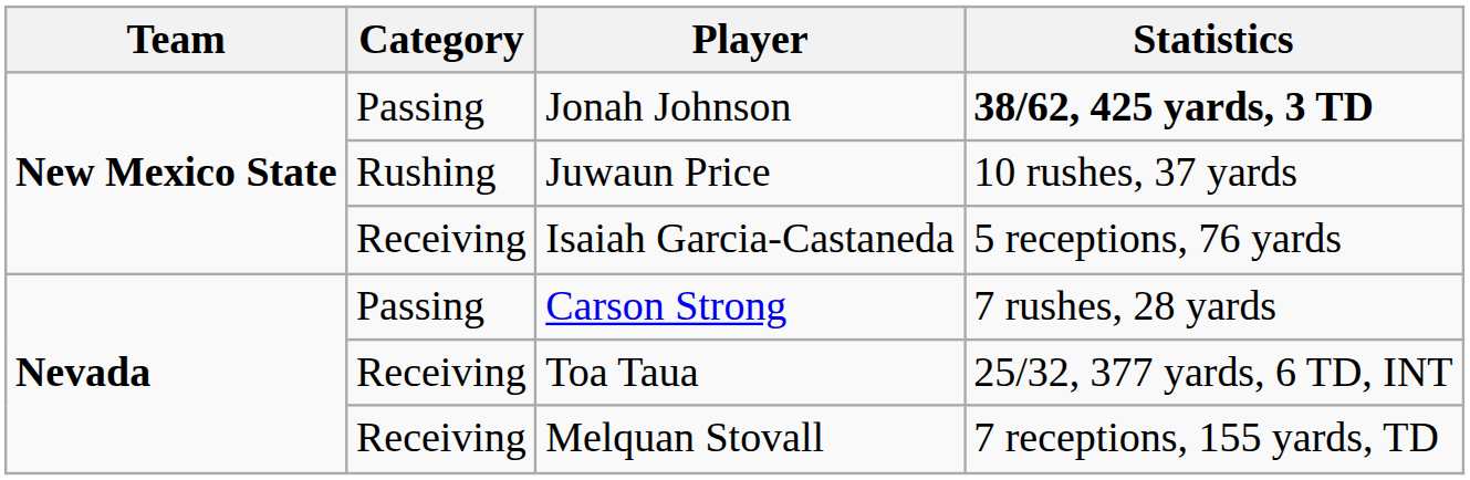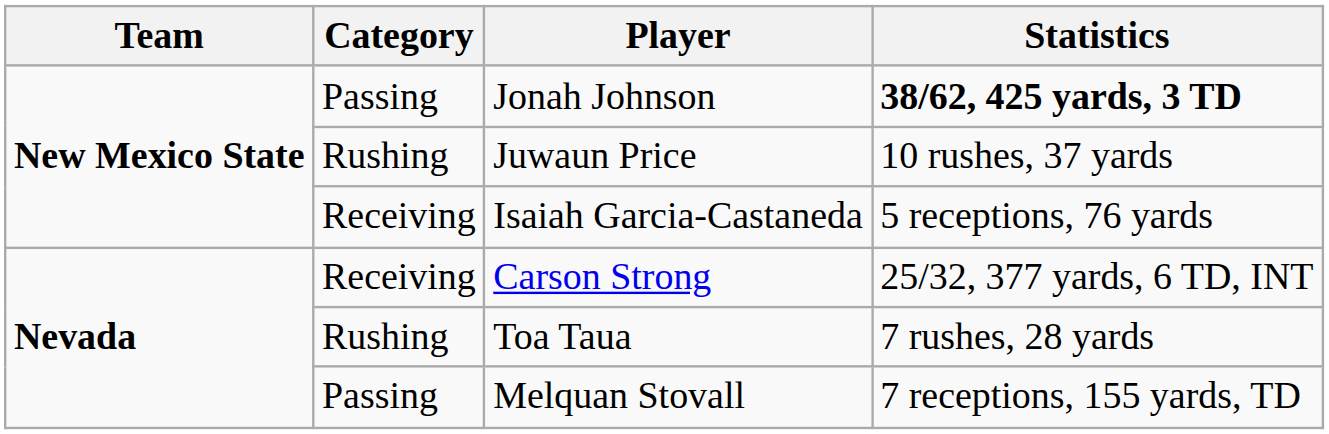 <table class="wikitable" style="float: left;">
 <tr>
 <th>Team</th>
 <th>Category</th>
 <th>Player</th>
 <th>Statistics</th>
 </tr>
 <tr>
 <td rowspan=3><strong>New Mexico State</strong></td>
 <td>Passing</td>
 <td>Jonah Johnson</td>
 <td><strong>38/62, 425 yards, 3 TD</strong></td>
 </tr>
 <tr>
 <td>Rushing</td>
 <td>Juwaun Price</td>
 <td>10 rushes, 37 yards</td>
 </tr>
 <tr>
 <td>Receiving</td>
 <td>Isaiah Garcia-Castaneda</td>
 <td>5 receptions, 76 yards</td>
 </tr>
 <tr>
 <td rowspan=3><strong>Nevada</strong></td>
-<td>Passing</td>
+<td>Receiving</td>
 <td><a href='#'>Carson Strong</a></td>
+<td>25/32, 377 yards, 6 TD, INT</td>
+</tr>
+<tr>
+<td>Rushing</td>
+<td>Toa Taua</td>
 <td>7 rushes, 28 yards</td>
 </tr>
 <tr>
-<td>Receiving</td>
-<td>Toa Taua</td>
-<td>25/32, 377 yards, 6 TD, INT</td>
-</tr>
-<tr>
-<td>Receiving</td>
+<td>Passing</td>
 <td>Melquan Stovall</td>
 <td>7 receptions, 155 yards, TD</td>
 </tr>
 </table>
